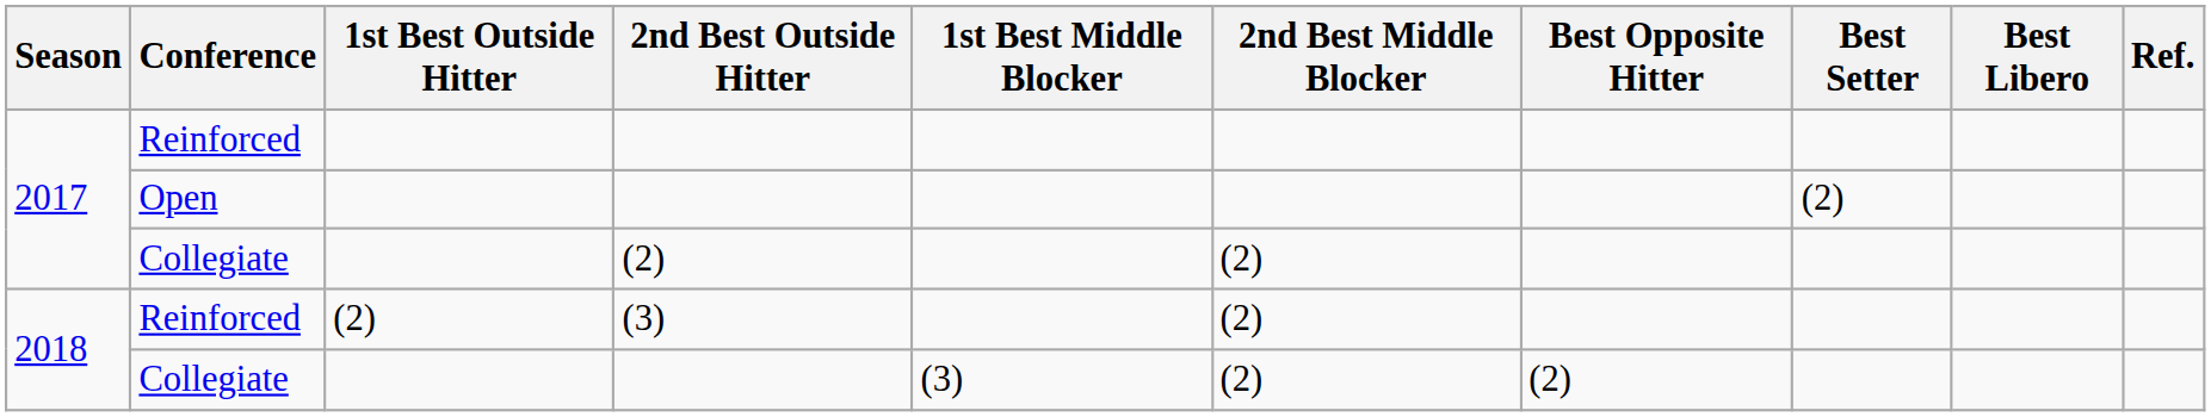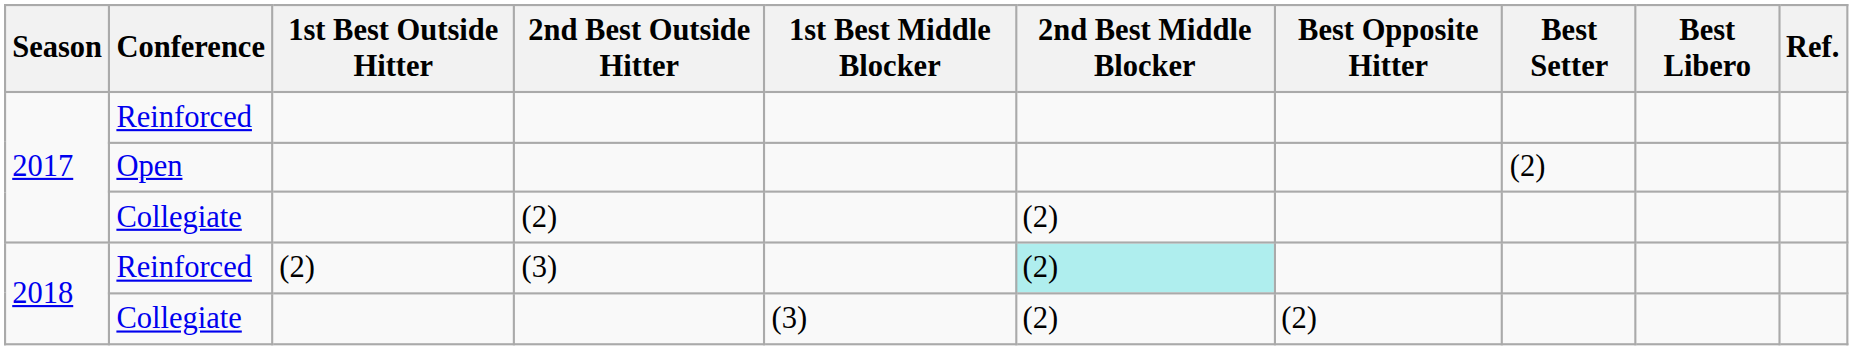 <table class="wikitable sortable" style="font-size:90%">
 <tr>
 <th>Season</th>
 <th>Conference</th>
 <th>1st Best Outside Hitter</th>
 <th>2nd Best Outside Hitter</th>
 <th>1st Best Middle Blocker</th>
 <th>2nd Best Middle Blocker</th>
 <th>Best Opposite Hitter</th>
 <th>Best Setter</th>
 <th>Best Libero</th>
 <th class="unsortable">Ref.</th>
 </tr>
 <tr>
 <td rowspan=3><a href='#'>2017</a></td>
 <td><a href='#'>Reinforced</a></td>
 <td>  <br> </td>
 <td>  <br> </td>
 <td>  <br> </td>
 <td>  <br> </td>
 <td>  <br> </td>
 <td>  <br> </td>
 <td>  <br> </td>
 <td></td>
 </tr>
 <tr>
 <td><a href='#'>Open</a></td>
 <td>  <br> </td>
 <td>  <br> </td>
 <td>  <br> </td>
 <td>  <br> </td>
 <td>  <br> </td>
 <td>  (2) <br> </td>
 <td>  <br> </td>
 <td></td>
 </tr>
 <tr>
 <td><a href='#'>Collegiate</a></td>
 <td> <strong></strong> <br> </td>
 <td>  (2) <br> </td>
 <td>  <br> </td>
 <td>  (2) <br> </td>
 <td>  <br> </td>
 <td>  <br> </td>
 <td>  <br> </td>
 <td></td>
 </tr>
 <tr>
 <td rowspan=2><a href='#'>2018</a></td>
 <td><a href='#'>Reinforced</a></td>
 <td> <strong></strong> (2) <br> </td>
 <td>  (3) <br> </td>
 <td>  <br> </td>
-<td>  (2) <br> </td>
+<td style="background: paleturquoise;">  (2) <br> </td>
 <td>  <br> </td>
 <td>  <br> </td>
 <td>  <br> </td>
 <td></td>
 </tr>
 <tr>
 <td><a href='#'>Collegiate</a></td>
 <td>  <br> </td>
 <td>  <br> </td>
 <td>  (3) <br> </td>
 <td>  (2) <br> </td>
 <td>  (2) <br> </td>
 <td>  <br> </td>
 <td>  <br> </td>
 <td></td>
 </tr>
 </table>
